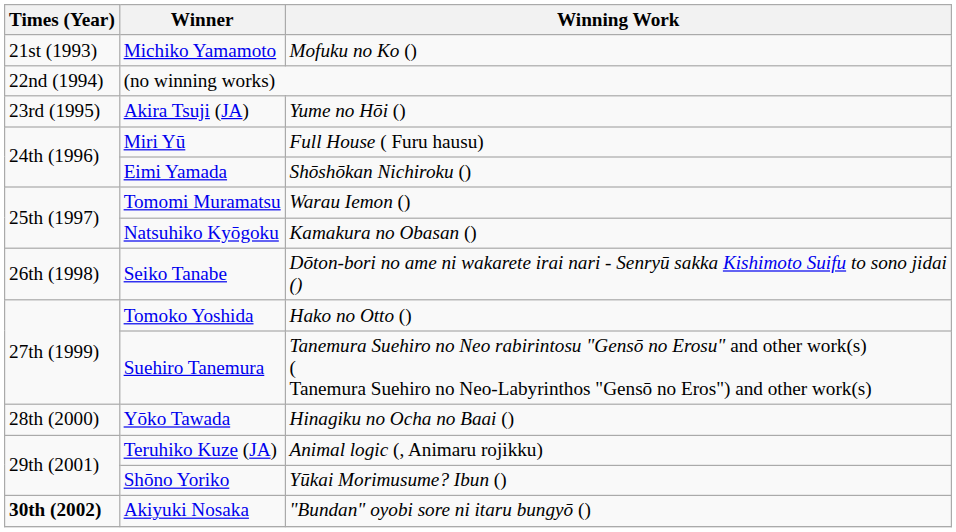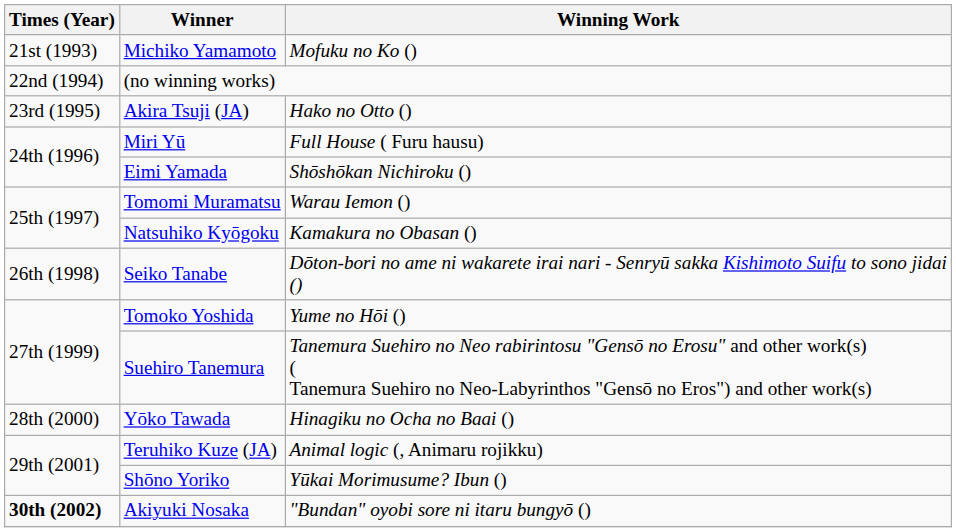 <table class="wikitable" style="text-align:left;">
 <tr>
 <th>Times (Year)</th>
 <th>Winner</th>
 <th>Winning Work</th>
 </tr>
 <tr>
 <td>21st (1993)</td>
 <td><a href='#'>Michiko Yamamoto</a></td>
 <td><em>Mofuku no Ko</em> ()</td>
 </tr>
 <tr>
 <td>22nd (1994)</td>
 <td colspan="2">(no winning works)</td>
 </tr>
 <tr>
 <td>23rd (1995)</td>
 <td><a href='#'>Akira Tsuji</a> (<a href='#'>JA</a>)</td>
-<td><em>Yume no Hōi</em> ()</td>
+<td><em>Hako no Otto</em> ()</td>
 </tr>
 <tr>
 <td rowspan="2">24th (1996)</td>
 <td><a href='#'>Miri Yū</a></td>
 <td><em>Full House</em> ( Furu hausu)</td>
 </tr>
 <tr>
 <td><a href='#'>Eimi Yamada</a></td>
 <td><em>Shōshōkan Nichiroku</em> ()</td>
 </tr>
 <tr>
 <td rowspan="2">25th (1997)</td>
 <td><a href='#'>Tomomi Muramatsu</a></td>
 <td><em>Warau Iemon</em> ()</td>
 </tr>
 <tr>
 <td><a href='#'>Natsuhiko Kyōgoku</a></td>
 <td><em>Kamakura no Obasan</em> ()</td>
 </tr>
 <tr>
 <td>26th (1998)</td>
 <td><a href='#'>Seiko Tanabe</a></td>
 <td><em>Dōton-bori no ame ni wakarete irai nari - Senryū sakka <a href='#'>Kishimoto Suifu</a> to sono jidai <br>()</em></td>
 </tr>
 <tr>
 <td rowspan="2">27th (1999)</td>
 <td><a href='#'>Tomoko Yoshida</a></td>
-<td><em>Hako no Otto</em> ()</td>
+<td><em>Yume no Hōi</em> ()</td>
 </tr>
 <tr>
 <td><a href='#'>Suehiro Tanemura</a></td>
 <td><em>Tanemura Suehiro no Neo rabirintosu "Gensō no Erosu"</em> and other work(s) <br>( <br>Tanemura Suehiro no Neo-Labyrinthos "Gensō no Eros") and other work(s)</td>
 </tr>
 <tr>
 <td>28th (2000)</td>
 <td><a href='#'>Yōko Tawada</a></td>
 <td><em>Hinagiku no Ocha no Baai</em> ()</td>
 </tr>
 <tr>
 <td rowspan="2">29th (2001)</td>
 <td><a href='#'>Teruhiko Kuze</a> (<a href='#'>JA</a>)</td>
 <td><em>Animal logic</em> (, Animaru rojikku)</td>
 </tr>
 <tr>
 <td><a href='#'>Shōno Yoriko</a></td>
 <td><em>Yūkai Morimusume? Ibun</em> ()</td>
 </tr>
 <tr>
 <td><strong>30th (2002)</strong></td>
 <td><a href='#'>Akiyuki Nosaka</a></td>
 <td><em>"Bundan" oyobi sore ni itaru bungyō</em> ()</td>
 </tr>
 <tr>
 </tr>
 </table>
